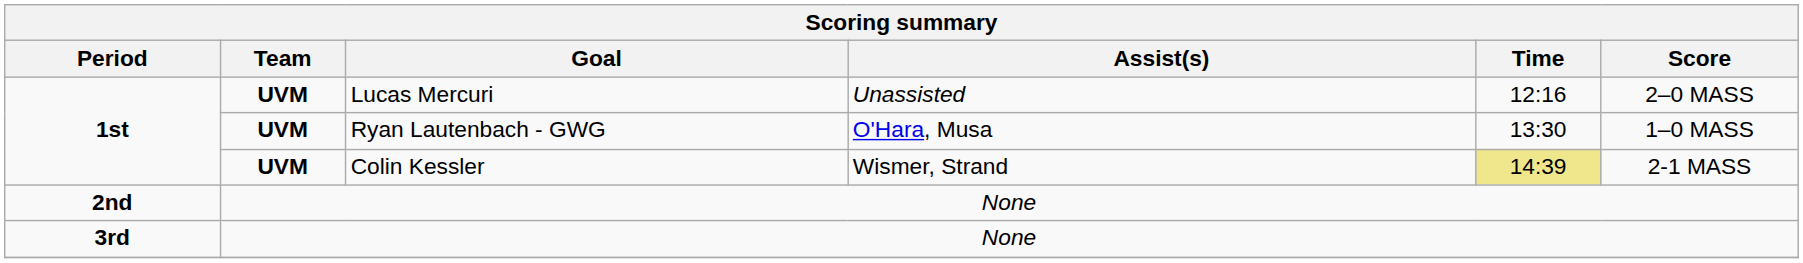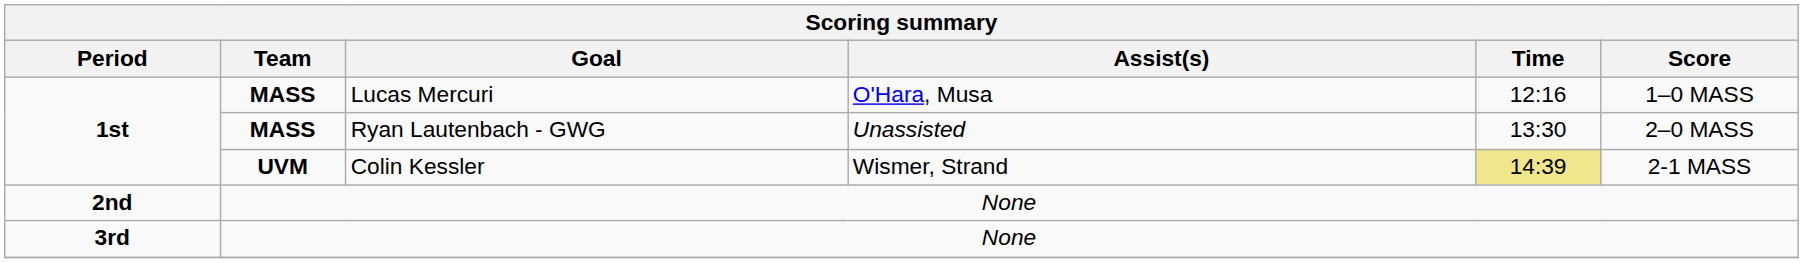 <table style="width:100%;" class="wikitable">
 <tr>
 <th colspan=6>Scoring summary</th>
 </tr>
 <tr>
 <th style="width:12%;">Period</th>
 <th style="width:7%;">Team</th>
 <th style="width:28%;">Goal</th>
 <th style="width:35%;">Assist(s)</th>
 <th style="width:7%;">Time</th>
 <th style="width:11%;">Score</th>
 </tr>
 <tr>
 <td style="text-align:center;" rowspan="3"><strong>1st</strong></td>
-<td align=center><strong>UVM</strong></td>
+<td align=center><strong>MASS</strong></td>
 <td>Lucas Mercuri</td>
-<td><em>Unassisted</em></td>
+<td><a href='#'>O'Hara</a>, Musa</td>
 <td align=center>12:16</td>
-<td align=center>2–0 MASS</td>
+<td align=center>1–0 MASS</td>
 </tr>
 <tr>
-<td align=center><strong>UVM</strong></td>
+<td align=center><strong>MASS</strong></td>
 <td>Ryan Lautenbach - GWG</td>
-<td><a href='#'>O'Hara</a>, Musa</td>
+<td><em>Unassisted</em></td>
 <td align=center>13:30</td>
-<td align=center>1–0 MASS</td>
+<td align=center>2–0 MASS</td>
 </tr>
 <tr>
 <td align=center><strong>UVM</strong></td>
 <td>Colin Kessler</td>
 <td>Wismer, Strand</td>
 <td align=center style="background: khaki;">14:39</td>
 <td align=center>2-1 MASS</td>
 </tr>
 <tr>
 <td style="text-align:center;" rowspan="1"><strong>2nd</strong></td>
 <td style="text-align:center;" colspan="5"><em>None</em></td>
 </tr>
 <tr>
 <td style="text-align:center;" rowspan="1"><strong>3rd</strong></td>
 <td style="text-align:center;" colspan="5"><em>None</em></td>
 </tr>
 <tr>
 </tr>
 </table>
